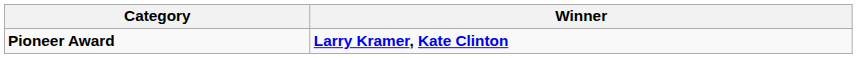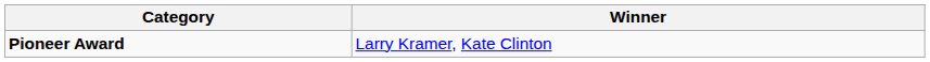 <table class="wikitable" width="100%">
 <tr>
 <th>Category</th>
 <th>Winner</th>
 </tr>
 <tr>
 <td><strong>Pioneer Award</strong></td>
-<td><strong><a href='#'>Larry Kramer</a>, <a href='#'>Kate Clinton</a></strong></td>
+<td><a href='#'>Larry Kramer</a>, <a href='#'>Kate Clinton</a></td>
 </tr>
 </table>
